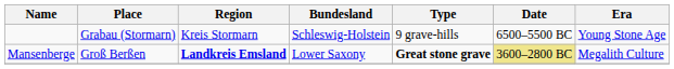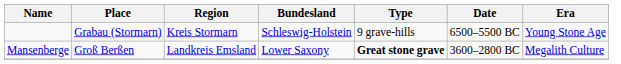 <table class="wikitable sortable">
 <tr>
 <th>Name</th>
 <th>Place</th>
 <th>Region</th>
 <th>Bundesland</th>
 <th>Type</th>
 <th>Date</th>
 <th>Era</th>
 </tr>
 <tr>
 <td></td>
 <td><a href='#'>Grabau (Stormarn)</a></td>
 <td><a href='#'>Kreis Stormarn</a></td>
 <td><a href='#'>Schleswig-Holstein</a></td>
 <td>9 grave-hills</td>
 <td>6500–5500 BC</td>
 <td><a href='#'>Young Stone Age</a></td>
 </tr>
 <tr>
 <td><a href='#'>Mansenberge</a></td>
 <td><a href='#'>Groß Berßen</a></td>
-<td><strong><a href='#'>Landkreis Emsland</a></strong></td>
+<td><a href='#'>Landkreis Emsland</a></td>
 <td><a href='#'>Lower Saxony</a></td>
 <td><strong>Great stone grave</strong></td>
-<td style="background: khaki;">3600–2800 BC</td>
+<td>3600–2800 BC</td>
 <td><a href='#'>Megalith Culture</a></td>
 </tr>
 <tr>
 </tr>
 </table>
